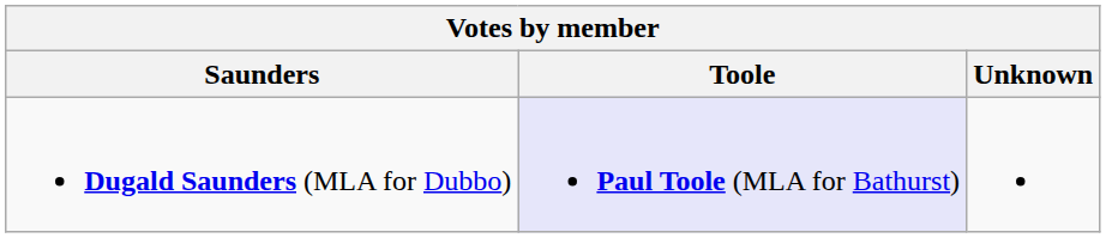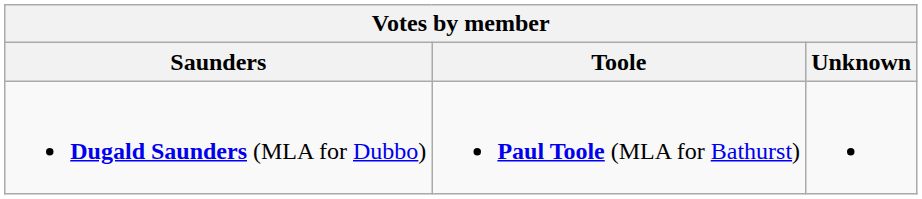 <table class="wikitable">
 <tr>
 <th colspan="3">Votes by member</th>
 </tr>
 <tr>
 <th>Saunders</th>
 <th>Toole</th>
 <th>Unknown</th>
 </tr>
 <tr>
 <td><br><ul><li><strong><a href='#'>Dugald Saunders</a></strong> (MLA for <a href='#'>Dubbo</a>)</li></ul></td>
-<td style="background: lavender;"><br><ul><li><strong><a href='#'>Paul Toole</a></strong> (MLA for <a href='#'>Bathurst</a>)</li></ul></td>
+<td><br><ul><li><strong><a href='#'>Paul Toole</a></strong> (MLA for <a href='#'>Bathurst</a>)</li></ul></td>
 <td><br><ul><li></li></ul></td>
 </tr>
 </table>
